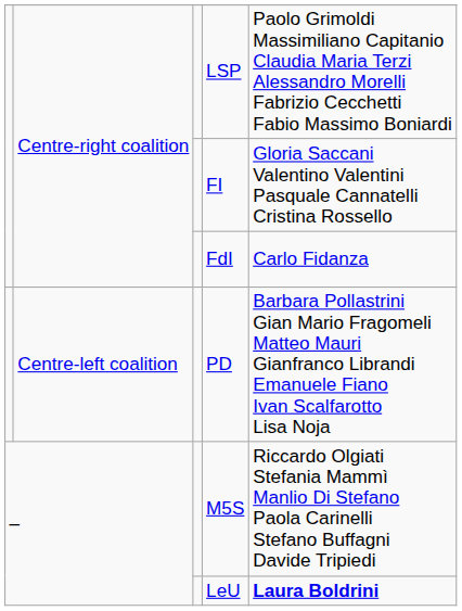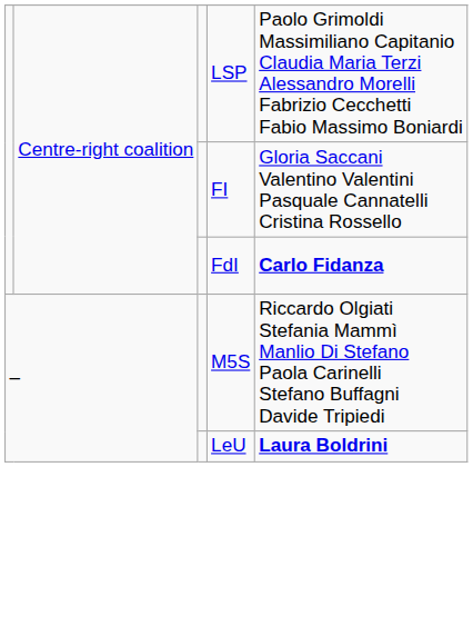 <table class=wikitable style=text-align:left>
 <tr>
 </tr>
 <tr>
 <td rowspan=3></td>
 <td rowspan=3><a href='#'>Centre-right coalition</a></td>
 <td style="background:"></td>
 <td><a href='#'>LSP</a></td>
 <td>Paolo Grimoldi<br>Massimiliano Capitanio<br><a href='#'>Claudia Maria Terzi</a><br><a href='#'>Alessandro Morelli</a><br>Fabrizio Cecchetti<br>Fabio Massimo Boniardi</td>
 </tr>
 <tr>
 <td style="background:"></td>
 <td><a href='#'>FI</a></td>
 <td><a href='#'>Gloria Saccani</a><br>Valentino Valentini<br>Pasquale Cannatelli<br>Cristina Rossello</td>
 </tr>
 <tr style="height:3em;">
 <td style="background:"></td>
 <td><a href='#'>FdI</a></td>
-<td><a href='#'>Carlo Fidanza</a></td>
-</tr>
-<tr>
-<td></td>
-<td><a href='#'>Centre-left coalition</a></td>
-<td style="background:"></td>
-<td><a href='#'>PD</a></td>
-<td><a href='#'>Barbara Pollastrini</a><br>Gian Mario Fragomeli<br><a href='#'>Matteo Mauri</a><br>Gianfranco Librandi<br><a href='#'>Emanuele Fiano</a><br><a href='#'>Ivan Scalfarotto</a><br>Lisa Noja</td>
+<td><strong><a href='#'>Carlo Fidanza</a></strong></td>
 </tr>
 <tr>
 <td colspan=2 rowspan=2>–</td>
 <td style="background:"></td>
 <td><a href='#'>M5S</a></td>
 <td>Riccardo Olgiati<br>Stefania Mammì<br><a href='#'>Manlio Di Stefano</a><br>Paola Carinelli<br>Stefano Buffagni<br>Davide Tripiedi</td>
 </tr>
 <tr>
 <td style="background:"></td>
 <td><a href='#'>LeU</a></td>
 <td><strong><a href='#'>Laura Boldrini</a></strong></td>
 </tr>
 </table>
